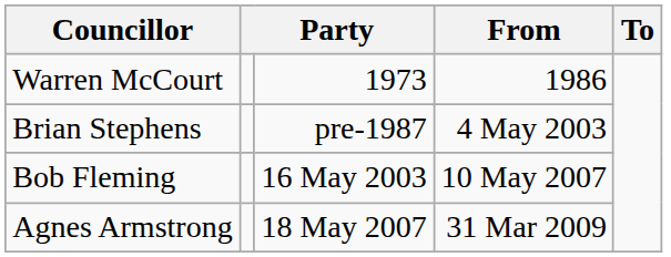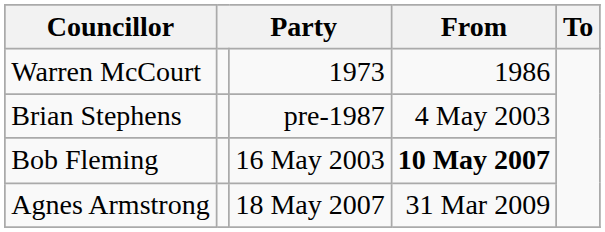 <table class=wikitable>
 <tr>
 <th>Councillor</th>
 <th colspan=2>Party</th>
 <th>From</th>
 <th>To</th>
 </tr>
 <tr>
 <td>Warren McCourt</td>
 <td></td>
 <td align=right>1973</td>
 <td align=right>1986</td>
 </tr>
 <tr>
 <td>Brian Stephens</td>
 <td></td>
 <td align=right>pre-1987</td>
 <td align=right>4 May 2003</td>
 </tr>
 <tr>
 <td>Bob Fleming</td>
 <td></td>
 <td align=right>16 May 2003</td>
-<td align=right>10 May 2007</td>
+<td align=right><strong>10 May 2007</strong></td>
 </tr>
 <tr>
 <td>Agnes Armstrong</td>
 <td></td>
 <td align=right>18 May 2007</td>
 <td align=right>31 Mar 2009</td>
 </tr>
 </table>
